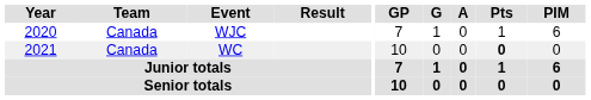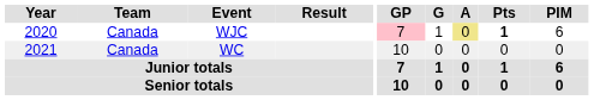 <table border="0" cellpadding="1" cellspacing="0" ID="Table3" style="text-align:center; width:40em">
 <tr bgcolor="#e0e0e0">
 <th>Year</th>
 <th>Team</th>
 <th>Event</th>
 <th>Result</th>
 <th rowspan="99" bgcolor="#ffffff"></th>
 <th>GP</th>
 <th>G</th>
 <th>A</th>
 <th>Pts</th>
 <th>PIM</th>
 </tr>
 <tr>
 <td><a href='#'>2020</a></td>
 <td><a href='#'>Canada</a></td>
 <td><a href='#'>WJC</a></td>
 <td></td>
-<td>7</td>
+<td style="background: pink;">7</td>
 <td>1</td>
-<td>0</td>
-<td>1</td>
+<td style="background: khaki;">0</td>
+<td><strong>1</strong></td>
 <td>6</td>
 </tr>
 <tr bgcolor="#f0f0f0">
 <td><a href='#'>2021</a></td>
 <td><a href='#'>Canada</a></td>
 <td><a href='#'>WC</a></td>
 <td></td>
 <td>10</td>
 <td>0</td>
 <td>0</td>
-<td><strong>0</strong></td>
+<td>0</td>
 <td>0</td>
 </tr>
 <tr bgcolor="#e0e0e0">
 <th colspan="4">Junior totals</th>
 <th>7</th>
 <th>1</th>
 <th>0</th>
 <th>1</th>
 <th>6</th>
 </tr>
 <tr bgcolor="#e0e0e0">
 <th colspan="4">Senior totals</th>
 <th>10</th>
 <th>0</th>
 <th>0</th>
 <th>0</th>
 <th>0</th>
 </tr>
 </table>
